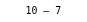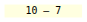 <table style="text-align:center">
 <tr>
 <th width=200></th>
 <th width=100></th>
 <th width=200></th>
 </tr>
 <tr>
 <td align=right><strong></strong></td>
-<td>10 – 7</td>
+<td style="background: lightyellow;">10 – 7</td>
 <td align=left></td>
 </tr>
 </table>
